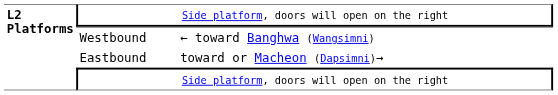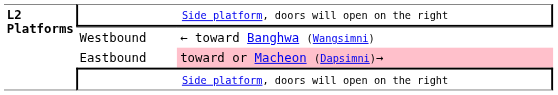 <table table border=0 cellspacing=0 cellpadding=3>
 <tr>
 <td style="border-top:solid 1px gray;border-bottom:solid 1px gray;" width=50 rowspan=10 valign=top><strong>L2<br>Platforms</strong></td>
 <td style="border-top:solid 1px gray;border-right:solid 2px black;border-left:solid 2px black;border-bottom:solid 2px black;text-align:center;" colspan=2><small><a href='#'>Side platform</a>, doors will open on the right</small></td>
 </tr>
 <tr>
 <td style="border-bottom:solid 0px gray;border-top:solid 1px gray;" width=100>Westbound</td>
 <td style="border-bottom:solid 0px gray;border-top:solid 1px gray;" width=390>←  toward <a href='#'>Banghwa</a> <small>(<a href='#'>Wangsimni</a>)</small></td>
 </tr>
 <tr>
 <td>Eastbound</td>
-<td>  toward  or <a href='#'>Macheon</a> <small>(<a href='#'>Dapsimni</a>)</small>→</td>
+<td style="background: pink;">  toward  or <a href='#'>Macheon</a> <small>(<a href='#'>Dapsimni</a>)</small>→</td>
 </tr>
 <tr>
 <td style="border-top:solid 2px black;border-right:solid 2px black;border-left:solid 2px black;border-bottom:solid 1px gray;text-align:center;" colspan=2><small><a href='#'>Side platform</a>, doors will open on the right</small></td>
 </tr>
 </table>
